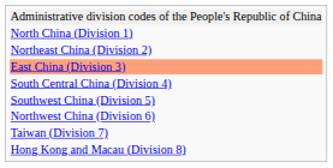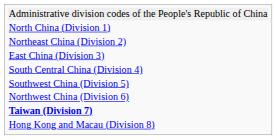 <table class="infobox">
 <tr>
 <td style="background:#efefef;">Administrative division codes of the People's Republic of China</td>
 </tr>
 <tr>
 <td><a href='#'>North China (Division 1)</a></td>
 </tr>
 <tr>
 <td><a href='#'>Northeast China (Division 2)</a></td>
 </tr>
 <tr>
-<td style="background: lightsalmon;"><a href='#'>East China (Division 3)</a></td>
+<td><a href='#'>East China (Division 3)</a></td>
 </tr>
 <tr>
 <td><a href='#'>South Central China (Division 4)</a></td>
 </tr>
 <tr>
 <td><a href='#'>Southwest China (Division 5)</a></td>
 </tr>
 <tr>
 <td><a href='#'>Northwest China (Division 6)</a></td>
 </tr>
 <tr>
-<td><a href='#'>Taiwan (Division 7)</a></td>
+<td><strong><a href='#'>Taiwan (Division 7)</a></strong></td>
 </tr>
 <tr>
 <td><a href='#'>Hong Kong and Macau (Division 8)</a></td>
 </tr>
 </table>
